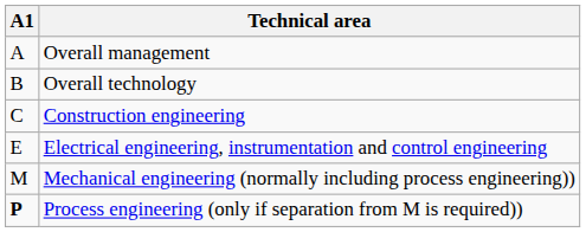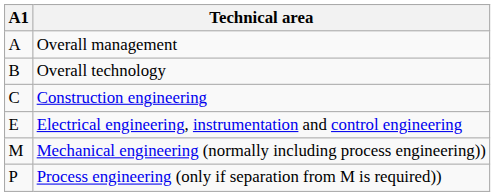 <table class="wikitable">
 <tr>
 <th>A1</th>
 <th>Technical area</th>
 </tr>
 <tr>
 <td>A</td>
 <td>Overall management</td>
 </tr>
 <tr>
 <td>B</td>
 <td>Overall technology</td>
 </tr>
 <tr>
 <td>C</td>
 <td><a href='#'>Construction engineering</a></td>
 </tr>
 <tr>
 <td>E</td>
 <td><a href='#'>Electrical engineering</a>, <a href='#'>instrumentation</a> and <a href='#'>control engineering</a></td>
 </tr>
 <tr>
 <td>M</td>
 <td><a href='#'>Mechanical engineering</a> (normally including process engineering))</td>
 </tr>
 <tr>
-<td><strong>P</strong></td>
+<td>P</td>
 <td><a href='#'>Process engineering</a> (only if separation from M is required))</td>
 </tr>
 </table>
